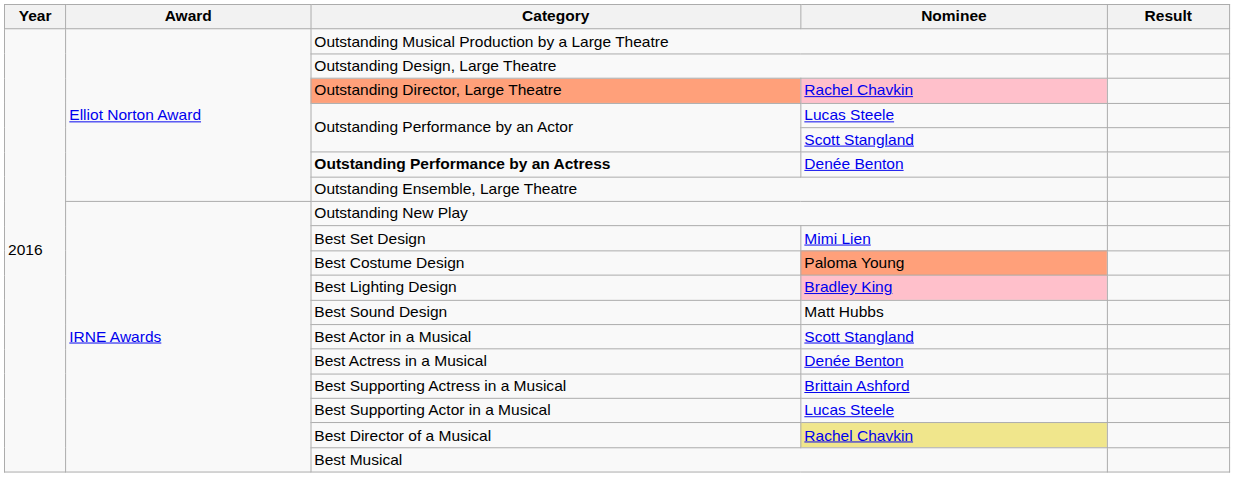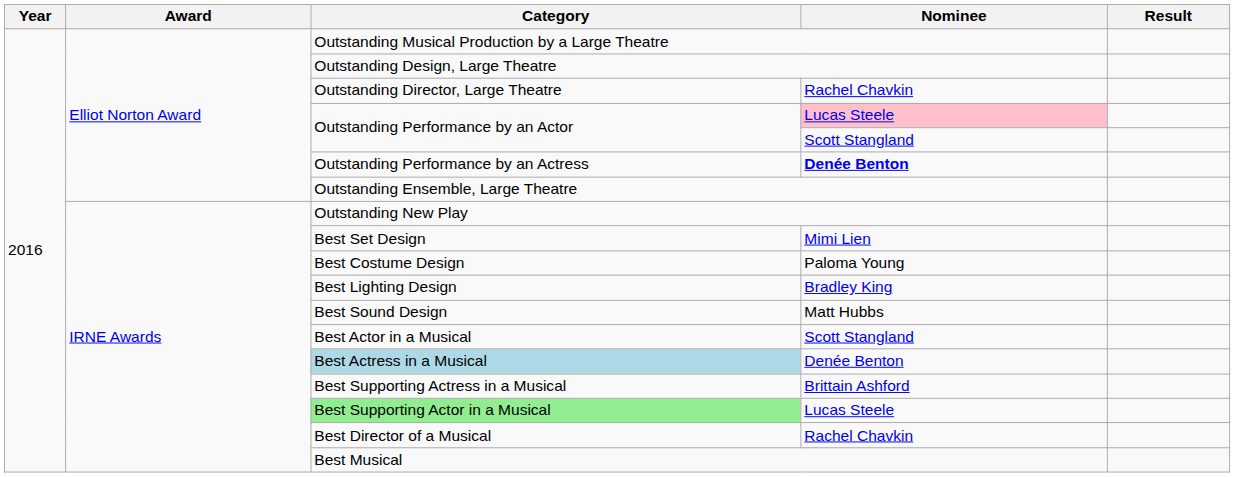 <table class="wikitable" style="width:100%;">
 <tr>
 <th style="width:5%;">Year</th>
 <th style="width:20%;">Award</th>
 <th style="width:40%;">Category</th>
 <th style="width:25%;">Nominee</th>
 <th style="width:10%;">Result</th>
 </tr>
 <tr>
 <td rowspan="18">2016</td>
 <td rowspan="7"><a href='#'>Elliot Norton Award</a></td>
 <td colspan="2">Outstanding Musical Production by a Large Theatre</td>
 <td></td>
 </tr>
 <tr>
 <td colspan="2">Outstanding Design, Large Theatre</td>
 <td></td>
 </tr>
 <tr>
-<td style="background: lightsalmon;">Outstanding Director, Large Theatre</td>
-<td style="background: pink;"><a href='#'>Rachel Chavkin</a></td>
+<td>Outstanding Director, Large Theatre</td>
+<td><a href='#'>Rachel Chavkin</a></td>
 <td></td>
 </tr>
 <tr>
 <td rowspan="2">Outstanding Performance by an Actor</td>
-<td><a href='#'>Lucas Steele</a></td>
+<td style="background: pink;"><a href='#'>Lucas Steele</a></td>
 <td></td>
 </tr>
 <tr>
 <td><a href='#'>Scott Stangland</a></td>
 <td></td>
 </tr>
 <tr>
-<td><strong>Outstanding Performance by an Actress</strong></td>
-<td><a href='#'>Denée Benton</a></td>
+<td>Outstanding Performance by an Actress</td>
+<td><strong><a href='#'>Denée Benton</a></strong></td>
 <td></td>
 </tr>
 <tr>
 <td colspan="2">Outstanding Ensemble, Large Theatre</td>
 <td></td>
 </tr>
 <tr>
 <td rowspan=11><a href='#'>IRNE Awards</a></td>
 <td colspan=2>Outstanding New Play</td>
 <td></td>
 </tr>
 <tr>
 <td>Best Set Design</td>
 <td><a href='#'>Mimi Lien</a></td>
 <td></td>
 </tr>
 <tr>
 <td>Best Costume Design</td>
-<td style="background: lightsalmon;">Paloma Young</td>
+<td>Paloma Young</td>
 <td></td>
 </tr>
 <tr>
 <td>Best Lighting Design</td>
-<td style="background: pink;"><a href='#'>Bradley King</a></td>
+<td><a href='#'>Bradley King</a></td>
 <td></td>
 </tr>
 <tr>
 <td>Best Sound Design</td>
 <td>Matt Hubbs</td>
 <td></td>
 </tr>
 <tr>
 <td>Best Actor in a Musical</td>
 <td><a href='#'>Scott Stangland</a></td>
 <td></td>
 </tr>
 <tr>
-<td>Best Actress in a Musical</td>
+<td style="background: lightblue;">Best Actress in a Musical</td>
 <td><a href='#'>Denée Benton</a></td>
 <td></td>
 </tr>
 <tr>
 <td>Best Supporting Actress in a Musical</td>
 <td><a href='#'>Brittain Ashford</a></td>
 <td></td>
 </tr>
 <tr>
-<td>Best Supporting Actor in a Musical</td>
+<td style="background: lightgreen;">Best Supporting Actor in a Musical</td>
 <td><a href='#'>Lucas Steele</a></td>
 <td></td>
 </tr>
 <tr>
 <td>Best Director of a Musical</td>
-<td style="background: khaki;"><a href='#'>Rachel Chavkin</a></td>
+<td><a href='#'>Rachel Chavkin</a></td>
 <td></td>
 </tr>
 <tr>
 <td colspan=2>Best Musical</td>
 <td></td>
 </tr>
 </table>
